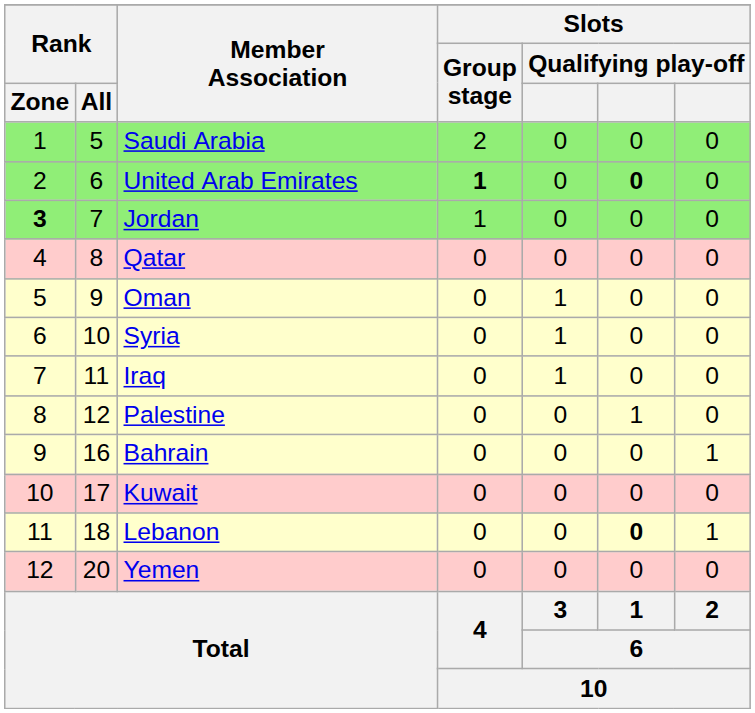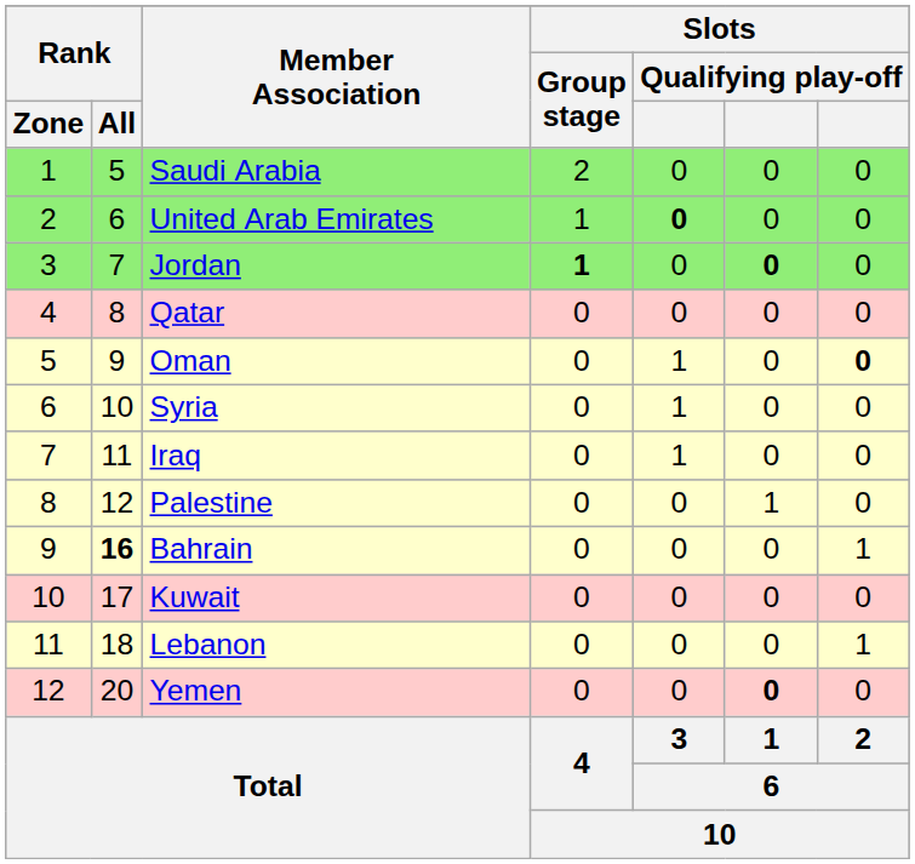 <table class="wikitable" style="text-align:center">
 <tr>
 </tr>
 <tr>
 <th colspan=2 rowspan=2>Rank</th>
 <th rowspan=3 width=200>Member<br>Association</th>
 <th colspan=4>Slots</th>
 </tr>
 <tr>
 <th rowspan=2>Group<br>stage</th>
 <th colspan=3>Qualifying play-off</th>
 </tr>
 <tr>
 <th>Zone</th>
 <th>All</th>
 <th></th>
 <th></th>
 <th></th>
 </tr>
 <tr bgcolor=#90ee77>
 <td>1</td>
 <td>5</td>
 <td align=left> <a href='#'>Saudi Arabia</a></td>
 <td>2</td>
 <td>0</td>
 <td>0</td>
 <td>0</td>
 </tr>
 <tr bgcolor=#90ee77>
 <td>2</td>
 <td>6</td>
 <td align=left> <a href='#'>United Arab Emirates</a></td>
+<td>1</td>
+<td><strong>0</strong></td>
+<td>0</td>
+<td>0</td>
+</tr>
+<tr bgcolor=#90ee77>
+<td>3</td>
+<td>7</td>
+<td align=left> <a href='#'>Jordan</a></td>
 <td><strong>1</strong></td>
 <td>0</td>
 <td><strong>0</strong></td>
-<td>0</td>
-</tr>
-<tr bgcolor=#90ee77>
-<td><strong>3</strong></td>
-<td>7</td>
-<td align=left> <a href='#'>Jordan</a></td>
-<td>1</td>
-<td>0</td>
-<td>0</td>
 <td>0</td>
 </tr>
 <tr bgcolor=#ffcccc>
 <td>4</td>
 <td>8</td>
 <td align=left> <a href='#'>Qatar</a></td>
 <td>0</td>
 <td>0</td>
 <td>0</td>
 <td>0</td>
 </tr>
 <tr bgcolor=#ffffcc>
 <td>5</td>
 <td>9</td>
 <td align=left> <a href='#'>Oman</a></td>
 <td>0</td>
 <td>1</td>
 <td>0</td>
-<td>0</td>
+<td><strong>0</strong></td>
 </tr>
 <tr bgcolor=#ffffcc>
 <td>6</td>
 <td>10</td>
 <td align=left> <a href='#'>Syria</a></td>
 <td>0</td>
 <td>1</td>
 <td>0</td>
 <td>0</td>
 </tr>
 <tr bgcolor=#ffffcc>
 <td>7</td>
 <td>11</td>
 <td align=left> <a href='#'>Iraq</a></td>
 <td>0</td>
 <td>1</td>
 <td>0</td>
 <td>0</td>
 </tr>
 <tr bgcolor=#ffffcc>
 <td>8</td>
 <td>12</td>
 <td align=left> <a href='#'>Palestine</a></td>
 <td>0</td>
 <td>0</td>
 <td>1</td>
 <td>0</td>
 </tr>
 <tr bgcolor=#ffffcc>
 <td>9</td>
-<td>16</td>
+<td><strong>16</strong></td>
 <td align=left> <a href='#'>Bahrain</a></td>
 <td>0</td>
 <td>0</td>
 <td>0</td>
 <td>1</td>
 </tr>
 <tr bgcolor=#ffcccc>
 <td>10</td>
 <td>17</td>
 <td align=left> <a href='#'>Kuwait</a></td>
 <td>0</td>
 <td>0</td>
 <td>0</td>
 <td>0</td>
 </tr>
 <tr bgcolor=#ffffcc>
 <td>11</td>
 <td>18</td>
 <td align=left> <a href='#'>Lebanon</a></td>
 <td>0</td>
 <td>0</td>
-<td><strong>0</strong></td>
+<td>0</td>
 <td>1</td>
 </tr>
 <tr bgcolor=#ffcccc>
 <td>12</td>
 <td>20</td>
 <td align=left> <a href='#'>Yemen</a></td>
 <td>0</td>
 <td>0</td>
-<td>0</td>
+<td><strong>0</strong></td>
 <td>0</td>
 </tr>
 <tr>
 <th colspan=3 rowspan=3>Total</th>
 <th rowspan=2>4</th>
 <th>3</th>
 <th>1</th>
 <th>2</th>
 </tr>
 <tr>
 <th colspan=3>6</th>
 </tr>
 <tr>
 <th colspan=4>10</th>
 </tr>
 </table>
